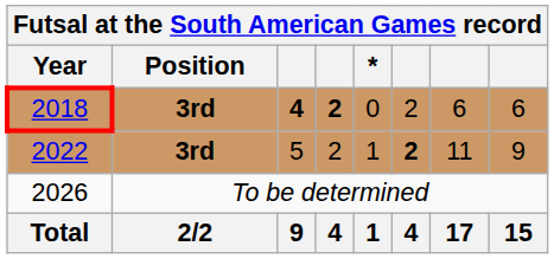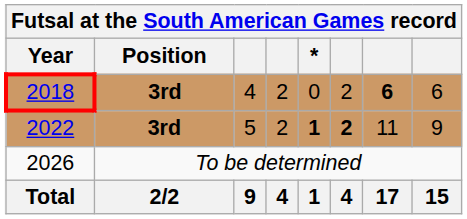 <table class="wikitable" style="text-align: center;">
 <tr>
 <th colspan="8">Futsal at the <a href='#'>South American Games</a> record</th>
 </tr>
 <tr>
 <th>Year</th>
 <th>Position</th>
 <th></th>
 <th></th>
 <th>*</th>
 <th></th>
 <th></th>
 <th></th>
 </tr>
 <tr bgcolor=cc9966>
 <td style="border: 3px solid red"> <a href='#'>2018</a></td>
 <td><strong>3rd</strong> </td>
-<td><strong>4</strong></td>
-<td><strong>2</strong></td>
+<td>4</td>
+<td>2</td>
 <td>0</td>
 <td>2</td>
-<td>6</td>
+<td><strong>6</strong></td>
 <td>6</td>
 </tr>
 <tr bgcolor=cc9966>
 <td> <a href='#'>2022</a></td>
 <td><strong>3rd</strong> </td>
 <td>5</td>
 <td>2</td>
-<td>1</td>
+<td><strong>1</strong></td>
 <td><strong>2</strong></td>
 <td>11</td>
 <td>9</td>
 </tr>
 <tr>
 <td> 2026</td>
 <td colspan="7"><em>To be determined</em></td>
 </tr>
 <tr>
 <th>Total</th>
 <th>2/2</th>
 <th>9</th>
 <th>4</th>
 <th>1</th>
 <th>4</th>
 <th>17</th>
 <th>15</th>
 </tr>
 </table>
